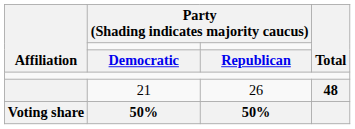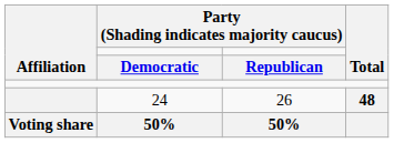 <table class=wikitable style="text-align:center">
 <tr style="vertical-align:bottom;">
 <th rowspan=3>Affiliation</th>
 <th colspan=2>Party <div>(Shading indicates majority caucus)</div></th>
 <th rowspan=3>Total</th>
 </tr>
 <tr style="height:5px">
 <td style="background-color:"></td>
 <td style="background-color:"></td>
 </tr>
 <tr>
 <th><a href='#'>Democratic</a></th>
 <th><a href='#'>Republican</a></th>
 </tr>
 <tr>
 <td colspan=5></td>
 </tr>
 <tr>
 <th nowrap style="font-size:80%"></th>
-<td>21</td>
+<td>24</td>
 <td>26</td>
 <th>48</th>
 </tr>
 <tr>
 <th>Voting share</th>
 <th>50%</th>
 <th>50%</th>
 <th colspan=2></th>
 </tr>
 </table>
